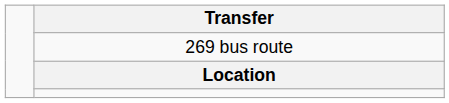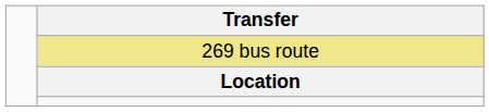 <table class=wikitable style="text-align: center; width: 400px; float:right">
 <tr>
 <td rowspan="4"></td>
 <th>Transfer</th>
 </tr>
 <tr>
-<td>269 bus route</td>
+<td style="background: khaki;">269 bus route</td>
 </tr>
 <tr>
 <th>Location</th>
 </tr>
 <tr>
 <td></td>
 </tr>
 </table>
